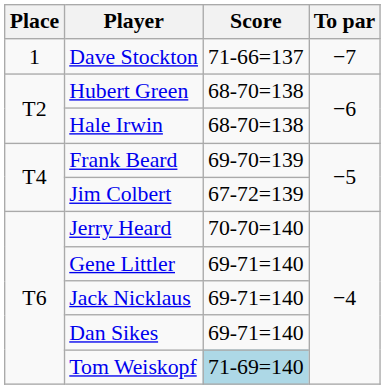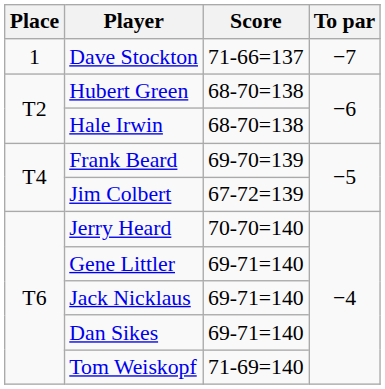 <table class="wikitable">
 <tr>
 <th>Place</th>
 <th>Player</th>
 <th>Score</th>
 <th>To par</th>
 </tr>
 <tr>
 <td align="center">1</td>
 <td> <a href='#'>Dave Stockton</a></td>
 <td>71-66=137</td>
 <td align="center">−7</td>
 </tr>
 <tr>
 <td rowspan=2 align="center">T2</td>
 <td> <a href='#'>Hubert Green</a></td>
 <td>68-70=138</td>
 <td rowspan=2 align="center">−6</td>
 </tr>
 <tr>
 <td> <a href='#'>Hale Irwin</a></td>
 <td>68-70=138</td>
 </tr>
 <tr>
 <td rowspan=2 align="center">T4</td>
 <td> <a href='#'>Frank Beard</a></td>
 <td>69-70=139</td>
 <td rowspan=2 align="center">−5</td>
 </tr>
 <tr>
 <td> <a href='#'>Jim Colbert</a></td>
 <td>67-72=139</td>
 </tr>
 <tr>
 <td rowspan=5 align="center">T6</td>
 <td> <a href='#'>Jerry Heard</a></td>
 <td>70-70=140</td>
 <td rowspan=5 align="center">−4</td>
 </tr>
 <tr>
 <td> <a href='#'>Gene Littler</a></td>
 <td>69-71=140</td>
 </tr>
 <tr>
 <td> <a href='#'>Jack Nicklaus</a></td>
 <td>69-71=140</td>
 </tr>
 <tr>
 <td> <a href='#'>Dan Sikes</a></td>
 <td>69-71=140</td>
 </tr>
 <tr>
 <td> <a href='#'>Tom Weiskopf</a></td>
-<td style="background: lightblue;">71-69=140</td>
+<td>71-69=140</td>
 </tr>
 </table>
